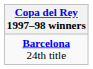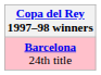 <table class="wikitable" style="text-align: center; margin: 0 auto">
 <tr>
 <th><a href='#'>Copa del Rey</a><br>1997–98 winners</th>
 </tr>
 <tr>
-<td><strong><a href='#'>Barcelona</a></strong><br>24th title</td>
+<td style="background: pink;"><strong><a href='#'>Barcelona</a></strong><br>24th title</td>
 </tr>
 </table>
